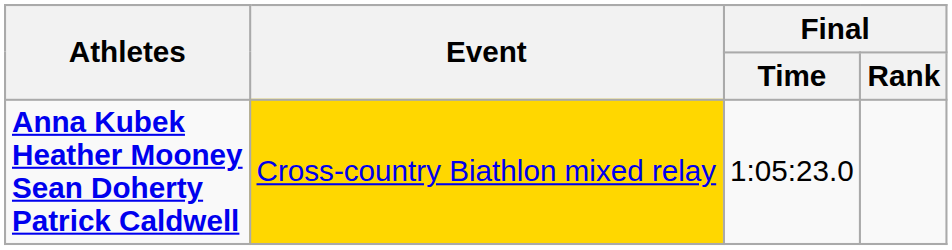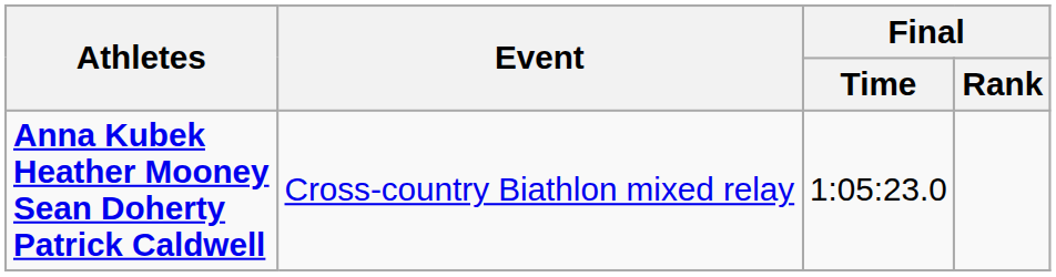 <table class="wikitable" style="font-size:90%;">
 <tr>
 <th rowspan=2>Athletes</th>
 <th rowspan=2>Event</th>
 <th colspan=2>Final</th>
 </tr>
 <tr>
 <th>Time</th>
 <th>Rank</th>
 </tr>
 <tr>
 <td><strong><a href='#'>Anna Kubek</a><br><a href='#'>Heather Mooney</a><br><a href='#'>Sean Doherty</a><br><a href='#'>Patrick Caldwell</a></strong></td>
-<td style="background: gold;"><a href='#'>Cross-country Biathlon mixed relay</a></td>
+<td><a href='#'>Cross-country Biathlon mixed relay</a></td>
 <td align=center>1:05:23.0</td>
 <td align=center></td>
 </tr>
 </table>
